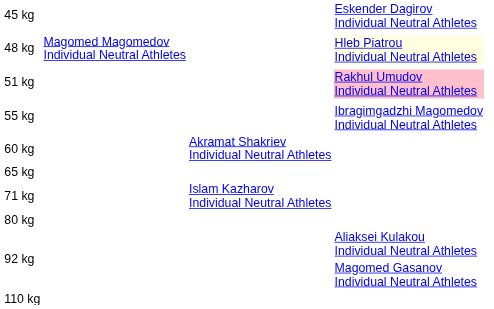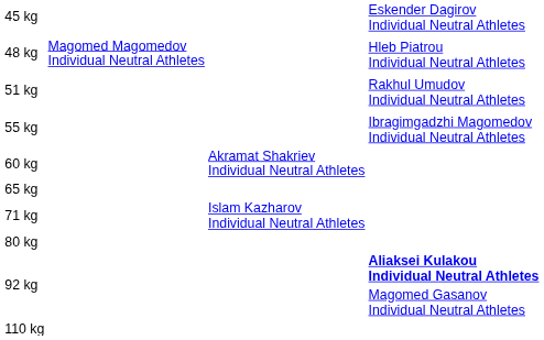 <table>
 <tr>
 <td rowspan=2>45 kg</td>
 <td rowspan=2></td>
 <td rowspan=2></td>
 <td></td>
 </tr>
 <tr>
 <td><a href='#'>Eskender Dagirov</a><br> <a href='#'>Individual Neutral Athletes</a></td>
 </tr>
 <tr>
 <td rowspan=2>48 kg</td>
 <td rowspan=2><a href='#'>Magomed Magomedov</a><br> <a href='#'>Individual Neutral Athletes</a></td>
 <td rowspan=2></td>
 <td></td>
 </tr>
 <tr>
-<td style="background: lightyellow;"><a href='#'>Hleb Piatrou</a><br> <a href='#'>Individual Neutral Athletes</a></td>
+<td><a href='#'>Hleb Piatrou</a><br> <a href='#'>Individual Neutral Athletes</a></td>
 </tr>
 <tr>
 <td rowspan=2>51 kg</td>
 <td rowspan=2></td>
 <td rowspan=2></td>
 <td></td>
 </tr>
 <tr>
-<td style="background: pink;"><a href='#'>Rakhul Umudov</a><br> <a href='#'>Individual Neutral Athletes</a></td>
+<td><a href='#'>Rakhul Umudov</a><br> <a href='#'>Individual Neutral Athletes</a></td>
 </tr>
 <tr>
 <td rowspan=2>55 kg</td>
 <td rowspan=2></td>
 <td rowspan=2></td>
 <td></td>
 </tr>
 <tr>
 <td><a href='#'>Ibragimgadzhi Magomedov</a><br> <a href='#'>Individual Neutral Athletes</a></td>
 </tr>
 <tr>
 <td rowspan=2>60 kg</td>
 <td rowspan=2></td>
 <td rowspan=2><a href='#'>Akramat Shakriev</a><br> <a href='#'>Individual Neutral Athletes</a></td>
 <td></td>
 </tr>
 <tr>
 <td></td>
 </tr>
 <tr>
 <td rowspan=2>65 kg</td>
 <td rowspan=2></td>
 <td rowspan=2></td>
 <td></td>
 </tr>
 <tr>
 <td></td>
 </tr>
 <tr>
 <td rowspan=2>71 kg</td>
 <td rowspan=2></td>
 <td rowspan=2><a href='#'>Islam Kazharov</a><br> <a href='#'>Individual Neutral Athletes</a></td>
 <td></td>
 </tr>
 <tr>
 <td></td>
 </tr>
 <tr>
 <td rowspan=2>80 kg</td>
 <td rowspan=2></td>
 <td rowspan=2></td>
 <td></td>
 </tr>
 <tr>
 <td></td>
 </tr>
 <tr>
 <td rowspan=2>92 kg</td>
 <td rowspan=2></td>
 <td rowspan=2></td>
-<td><a href='#'>Aliaksei Kulakou</a><br> <a href='#'>Individual Neutral Athletes</a></td>
+<td><strong><a href='#'>Aliaksei Kulakou</a><br> <a href='#'>Individual Neutral Athletes</a></strong></td>
 </tr>
 <tr>
 <td><a href='#'>Magomed Gasanov</a><br> <a href='#'>Individual Neutral Athletes</a></td>
 </tr>
 <tr>
 <td rowspan=2>110 kg</td>
 <td rowspan=2></td>
 <td rowspan=2></td>
 <td></td>
 </tr>
 <tr>
 <td></td>
 </tr>
 </table>
